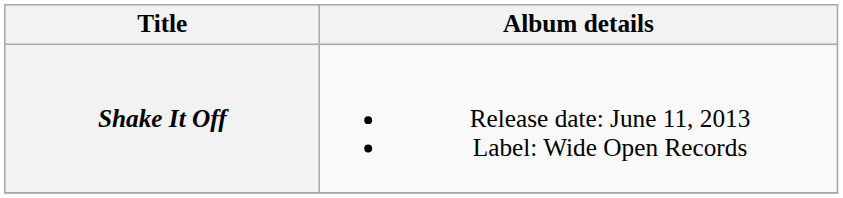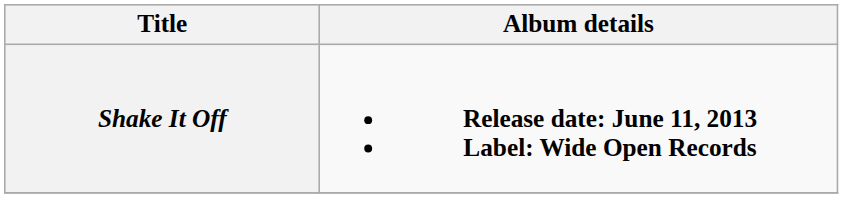 <table class="wikitable plainrowheaders" style="text-align:center;">
 <tr>
 <th style="width:12em;">Title</th>
 <th style="width:20em;">Album details</th>
 </tr>
 <tr>
 <th scope="row"><em>Shake It Off</em></th>
-<td><br><ul><li>Release date: June 11, 2013</li><li>Label: Wide Open Records</li></ul></td>
+<td><strong><br><ul><li>Release date: June 11, 2013</li><li>Label: Wide Open Records</li></ul></strong></td>
 </tr>
 <tr>
 </tr>
 </table>
